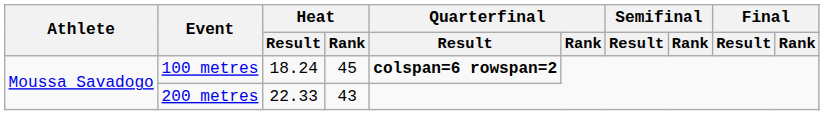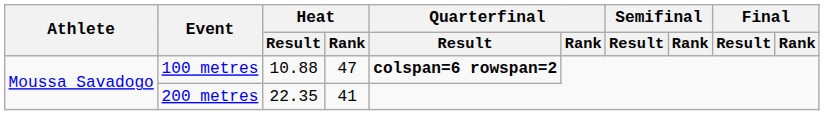 <table class=wikitable style=font-size:90%>
 <tr>
 <th rowspan=2>Athlete</th>
 <th rowspan=2>Event</th>
 <th colspan=2>Heat</th>
 <th colspan=2>Quarterfinal</th>
 <th colspan=2>Semifinal</th>
 <th colspan=2>Final</th>
 </tr>
 <tr style=font-size:95%>
 <th>Result</th>
 <th>Rank</th>
 <th>Result</th>
 <th>Rank</th>
 <th>Result</th>
 <th>Rank</th>
 <th>Result</th>
 <th>Rank</th>
 </tr>
 <tr align=center>
 <td align=left rowspan=2><a href='#'>Moussa Savadogo</a></td>
 <td align=left><a href='#'>100 metres</a></td>
-<td>18.24</td>
-<td>45</td>
+<td>10.88</td>
+<td>47</td>
 <td><strong>colspan=6 rowspan=2 </strong></td>
 </tr>
 <tr align=center>
 <td align=left><a href='#'>200 metres</a></td>
-<td>22.33</td>
-<td>43</td>
+<td>22.35</td>
+<td>41</td>
 </tr>
 </table>
